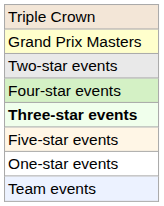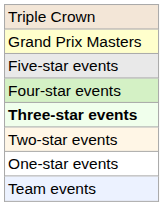 <table class=wikitable  style=font-size:95%;width:12%>
 <tr style="background:#F3E6D7;">
 <td>Triple Crown</td>
 </tr>
 <tr style="background:#ffc;">
 <td>Grand Prix Masters</td>
 </tr>
 <tr style="background:#E9E9E9;">
-<td>Two-star events</td>
+<td>Five-star events</td>
 </tr>
 <tr style="background:#D4F1C5;">
 <td>Four-star events</td>
 </tr>
 <tr style="background:#F0FFEC;">
 <td><strong>Three-star events</strong></td>
 </tr>
 <tr style="background:#FFF6E6 ;">
-<td>Five-star events</td>
+<td>Two-star events</td>
 </tr>
 <tr style="background:#fff;">
 <td>One-star events</td>
 </tr>
 <tr style="background:#ECF2FF;">
 <td>Team events</td>
 </tr>
 </table>
